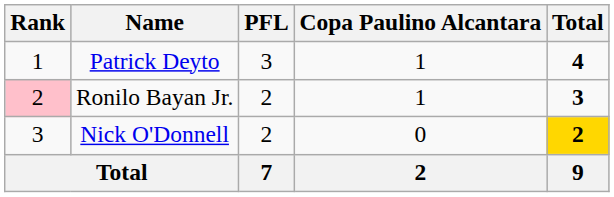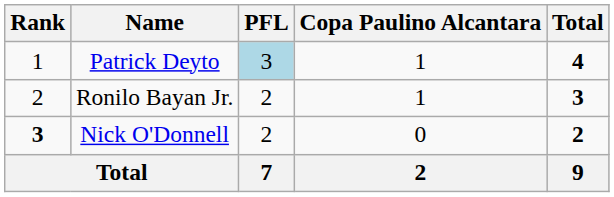 <table class="wikitable" style="text-align:center">
 <tr>
 <th>Rank</th>
 <th>Name</th>
 <th>PFL</th>
 <th>Copa Paulino Alcantara</th>
 <th>Total</th>
 </tr>
 <tr>
 <td>1</td>
 <td> <a href='#'>Patrick Deyto</a></td>
-<td>3</td>
+<td style="background: lightblue;">3</td>
 <td>1</td>
 <td><strong>4</strong></td>
 </tr>
 <tr>
-<td style="background: pink;">2</td>
+<td>2</td>
 <td> Ronilo Bayan Jr.</td>
 <td>2</td>
 <td>1</td>
 <td><strong>3</strong></td>
 </tr>
 <tr>
-<td>3</td>
+<td><strong>3</strong></td>
 <td> <a href='#'>Nick O'Donnell</a></td>
 <td>2</td>
 <td>0</td>
-<td style="background: gold;"><strong>2</strong></td>
+<td><strong>2</strong></td>
 </tr>
 <tr>
 <th colspan="2">Total</th>
 <th>7</th>
 <th>2</th>
 <th>9</th>
 </tr>
 </table>
